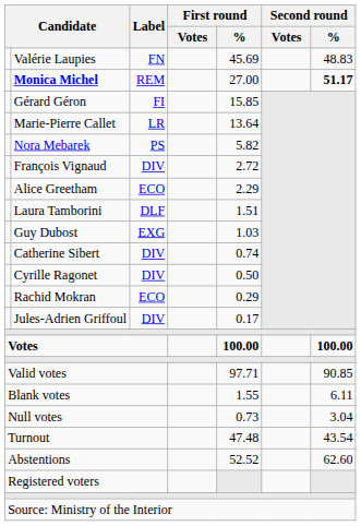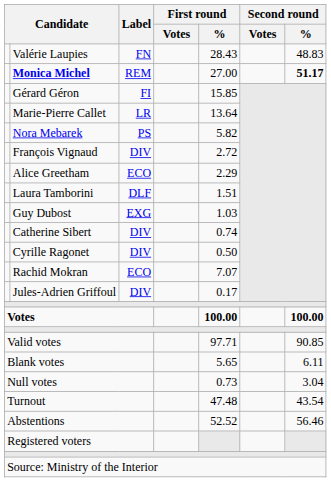 <table class="wikitable" style="text-align:right;font-size:95%;">
 <tr>
 <th rowspan="2" colspan="2">Candidate</th>
 <th rowspan="2">Label</th>
 <th colspan="2">First round</th>
 <th colspan="2">Second round</th>
 </tr>
 <tr>
 <th style="width:50px;">Votes</th>
 <th style="width:45px;">%</th>
 <th style="width:50px;">Votes</th>
 <th style="width:45px;">%</th>
 </tr>
 <tr>
 <td style="color:inherit;background:"></td>
 <td style="text-align:left;">Valérie Laupies</td>
 <td><a href='#'>FN</a></td>
 <td></td>
-<td>45.69</td>
+<td>28.43</td>
 <td></td>
 <td>48.83</td>
 </tr>
 <tr>
 <td style="color:inherit;background:"></td>
 <td style="text-align:left;"><strong><a href='#'>Monica Michel</a></strong></td>
 <td><a href='#'>REM</a></td>
 <td></td>
 <td>27.00</td>
 <td><strong></strong></td>
 <td><strong>51.17</strong></td>
 </tr>
 <tr>
 <td style="color:inherit;background:"></td>
 <td style="text-align:left;">Gérard Géron</td>
 <td><a href='#'>FI</a></td>
 <td></td>
 <td>15.85</td>
 <td colspan="2" rowspan="11" style="background:#E9E9E9;"></td>
 </tr>
 <tr>
 <td style="color:inherit;background:"></td>
 <td style="text-align:left;">Marie-Pierre Callet</td>
 <td><a href='#'>LR</a></td>
 <td></td>
 <td>13.64</td>
 </tr>
 <tr>
 <td style="color:inherit;background:"></td>
 <td style="text-align:left;"><a href='#'>Nora Mebarek</a></td>
 <td><a href='#'>PS</a></td>
 <td></td>
 <td>5.82</td>
 </tr>
 <tr>
 <td style="color:inherit;background:"></td>
 <td style="text-align:left;">François Vignaud</td>
 <td><a href='#'>DIV</a></td>
 <td></td>
 <td>2.72</td>
 </tr>
 <tr>
 <td style="color:inherit;background:"></td>
 <td style="text-align:left;">Alice Greetham</td>
 <td><a href='#'>ECO</a></td>
 <td></td>
 <td>2.29</td>
 </tr>
 <tr>
 <td style="color:inherit;background:"></td>
 <td style="text-align:left;">Laura Tamborini</td>
 <td><a href='#'>DLF</a></td>
 <td></td>
 <td>1.51</td>
 </tr>
 <tr>
 <td style="color:inherit;background:"></td>
 <td style="text-align:left;">Guy Dubost</td>
 <td><a href='#'>EXG</a></td>
 <td></td>
 <td>1.03</td>
 </tr>
 <tr>
 <td style="color:inherit;background:"></td>
 <td style="text-align:left;">Catherine Sibert</td>
 <td><a href='#'>DIV</a></td>
 <td></td>
 <td>0.74</td>
 </tr>
 <tr>
 <td style="color:inherit;background:"></td>
 <td style="text-align:left;">Cyrille Ragonet</td>
 <td><a href='#'>DIV</a></td>
 <td></td>
 <td>0.50</td>
 </tr>
 <tr>
 <td style="color:inherit;background:"></td>
 <td style="text-align:left;">Rachid Mokran</td>
 <td><a href='#'>ECO</a></td>
 <td></td>
-<td>0.29</td>
+<td>7.07</td>
 </tr>
 <tr>
 <td style="color:inherit;background:"></td>
 <td style="text-align:left;">Jules-Adrien Griffoul</td>
 <td><a href='#'>DIV</a></td>
 <td></td>
 <td>0.17</td>
 </tr>
 <tr>
 <td colspan="7" style="background:#E9E9E9;"></td>
 </tr>
 <tr style="font-weight:bold;">
 <td colspan="3" style="text-align:left;">Votes</td>
 <td></td>
 <td>100.00</td>
 <td></td>
 <td>100.00</td>
 </tr>
 <tr>
 <td colspan="7" style="background:#E9E9E9;"></td>
 </tr>
 <tr>
 <td colspan="3" style="text-align:left;">Valid votes</td>
 <td></td>
 <td>97.71</td>
 <td></td>
 <td>90.85</td>
 </tr>
 <tr>
 <td colspan="3" style="text-align:left;">Blank votes</td>
 <td></td>
-<td>1.55</td>
+<td>5.65</td>
 <td></td>
 <td>6.11</td>
 </tr>
 <tr>
 <td colspan="3" style="text-align:left;">Null votes</td>
 <td></td>
 <td>0.73</td>
 <td></td>
 <td>3.04</td>
 </tr>
 <tr>
 <td colspan="3" style="text-align:left;">Turnout</td>
 <td></td>
 <td>47.48</td>
 <td></td>
 <td>43.54</td>
 </tr>
 <tr>
 <td colspan="3" style="text-align:left;">Abstentions</td>
 <td></td>
 <td>52.52</td>
 <td></td>
-<td>62.60</td>
+<td>56.46</td>
 </tr>
 <tr>
 <td colspan="3" style="text-align:left;">Registered voters</td>
 <td></td>
 <td style="color:inherit;background:#E9E9E9;"></td>
 <td></td>
 <td style="color:inherit;background:#E9E9E9;"></td>
 </tr>
 <tr>
 <td colspan="7" style="background:#E9E9E9;"></td>
 </tr>
 <tr>
 <td colspan="7" style="text-align:left;">Source: Ministry of the Interior</td>
 </tr>
 </table>
